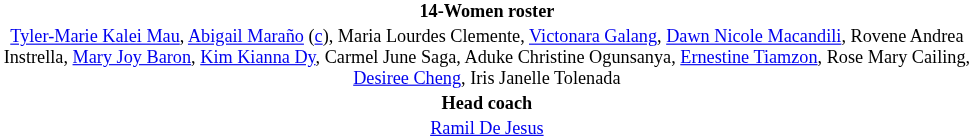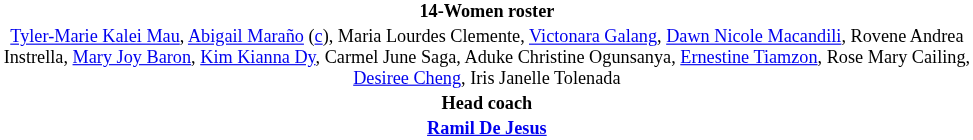 <table style="text-align:center; margin-top:2em; margin-left:auto; margin-right:auto">
 <tr>
 <td><strong>14-Women roster</strong></td>
 </tr>
 <tr>
 <td><a href='#'>Tyler-Marie Kalei Mau</a>, <a href='#'>Abigail Maraño</a> (<a href='#'>c</a>), Maria Lourdes Clemente, <a href='#'>Victonara Galang</a>, <a href='#'>Dawn Nicole Macandili</a>, Rovene Andrea Instrella, <a href='#'>Mary Joy Baron</a>, <a href='#'>Kim Kianna Dy</a>, Carmel June Saga, Aduke Christine Ogunsanya, <a href='#'>Ernestine Tiamzon</a>, Rose Mary Cailing, <a href='#'>Desiree Cheng</a>, Iris Janelle Tolenada</td>
 </tr>
 <tr>
 <td><strong>Head coach</strong></td>
 </tr>
 <tr>
-<td><a href='#'>Ramil De Jesus</a></td>
+<td><strong><a href='#'>Ramil De Jesus</a></strong></td>
 </tr>
 </table>
